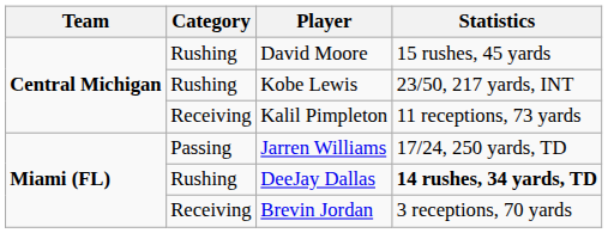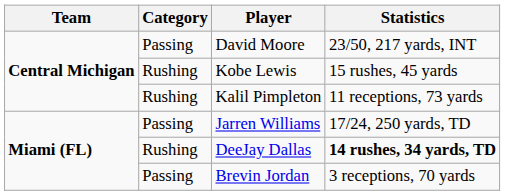 <table class="wikitable" style="float: left;">
 <tr>
 <th>Team</th>
 <th>Category</th>
 <th>Player</th>
 <th>Statistics</th>
 </tr>
 <tr>
 <td rowspan=3><strong>Central Michigan</strong></td>
+<td>Passing</td>
+<td>David Moore</td>
+<td>23/50, 217 yards, INT</td>
+</tr>
+<tr>
 <td>Rushing</td>
-<td>David Moore</td>
+<td>Kobe Lewis</td>
 <td>15 rushes, 45 yards</td>
 </tr>
 <tr>
 <td>Rushing</td>
-<td>Kobe Lewis</td>
-<td>23/50, 217 yards, INT</td>
-</tr>
-<tr>
-<td>Receiving</td>
 <td>Kalil Pimpleton</td>
 <td>11 receptions, 73 yards</td>
 </tr>
 <tr>
 <td rowspan=3><strong>Miami (FL)</strong></td>
 <td>Passing</td>
 <td><a href='#'>Jarren Williams</a></td>
 <td>17/24, 250 yards, TD</td>
 </tr>
 <tr>
 <td>Rushing</td>
 <td><a href='#'>DeeJay Dallas</a></td>
 <td><strong>14 rushes, 34 yards, TD</strong></td>
 </tr>
 <tr>
-<td>Receiving</td>
+<td>Passing</td>
 <td><a href='#'>Brevin Jordan</a></td>
 <td>3 receptions, 70 yards</td>
 </tr>
 </table>
